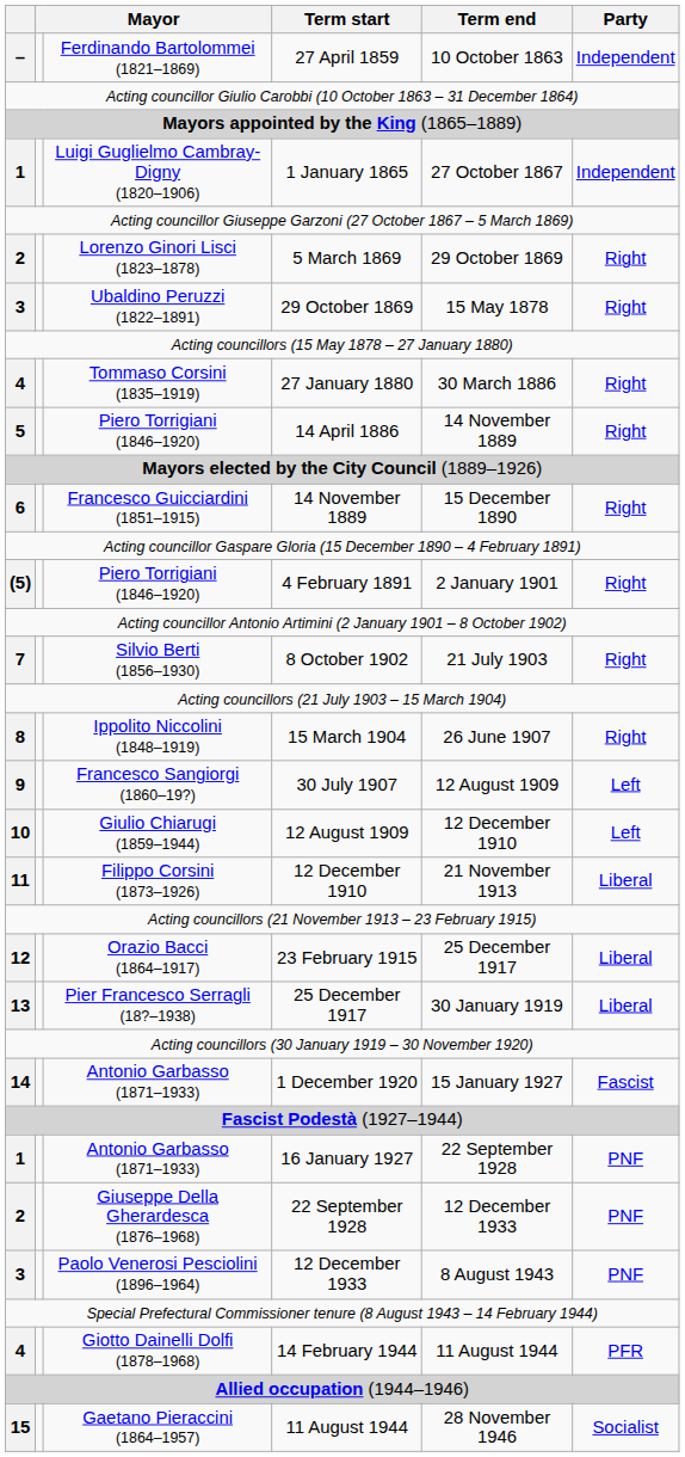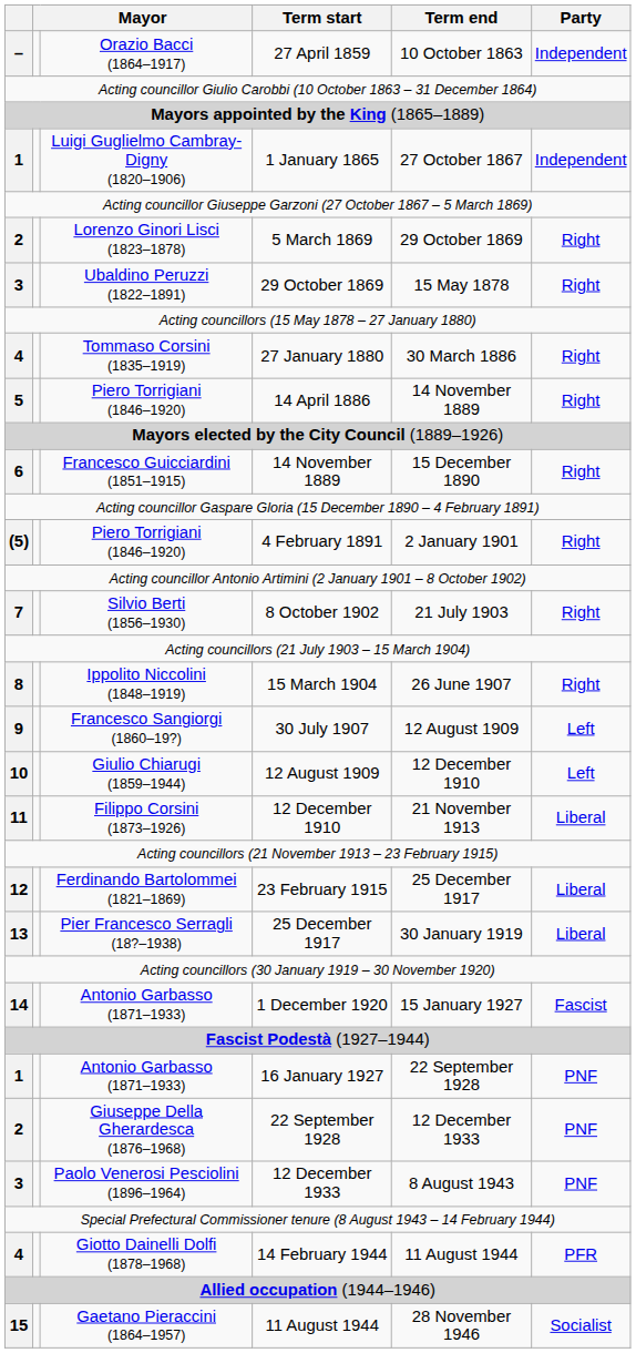 <table class="wikitable" style="text-align: center;">
 <tr>
 <th class=unsortable> </th>
 <th colspan=2>Mayor</th>
 <th>Term start</th>
 <th>Term end</th>
 <th>Party</th>
 </tr>
 <tr>
 <th rowspan=1 style="background:">–</th>
 <td></td>
-<td><a href='#'>Ferdinando Bartolommei</a><br><small>(1821–1869)</small></td>
+<td><a href='#'>Orazio Bacci</a><br><small>(1864–1917)</small></td>
 <td align=center>27 April 1859</td>
 <td align=center>10 October 1863</td>
 <td><a href='#'>Independent</a></td>
 </tr>
 <tr>
 <td colspan="6"><small><em>Acting councillor Giulio Carobbi (10 October 1863 – 31 December 1864)</em></small></td>
 </tr>
 <tr>
 <td colspan="8" bgcolor="lightgrey" align=center><strong>Mayors appointed by the <a href='#'>King</a></strong> (1865–1889)</td>
 </tr>
 <tr>
 <th rowspan=1 style="background:">1</th>
 <td></td>
 <td><a href='#'>Luigi Guglielmo Cambray-Digny</a><br><small>(1820–1906)</small></td>
 <td align=center>1 January 1865</td>
 <td align=center>27 October 1867</td>
 <td><a href='#'>Independent</a></td>
 </tr>
 <tr>
 <td colspan="6"><small><em>Acting councillor Giuseppe Garzoni (27 October 1867 – 5 March 1869)</em></small></td>
 </tr>
 <tr>
 <th rowspan=1 style="background:">2</th>
 <td></td>
 <td><a href='#'>Lorenzo Ginori Lisci</a><br><small>(1823–1878)</small></td>
 <td align=center>5 March 1869</td>
 <td align=center>29 October 1869</td>
 <td><a href='#'>Right</a></td>
 </tr>
 <tr>
 <th rowspan=1 style="background:">3</th>
 <td></td>
 <td><a href='#'>Ubaldino Peruzzi</a><br><small>(1822–1891)</small></td>
 <td align=center>29 October 1869</td>
 <td align=center>15 May 1878</td>
 <td><a href='#'>Right</a></td>
 </tr>
 <tr>
 <td colspan="6"><small><em>Acting councillors (15 May 1878 – 27 January 1880)</em></small></td>
 </tr>
 <tr>
 <th rowspan=1 style="background:">4</th>
 <td></td>
 <td><a href='#'>Tommaso Corsini</a><br><small>(1835–1919)</small></td>
 <td align=center>27 January 1880</td>
 <td align=center>30 March 1886</td>
 <td><a href='#'>Right</a></td>
 </tr>
 <tr>
 <th rowspan=1 style="background:">5</th>
 <td></td>
 <td><a href='#'>Piero Torrigiani</a><br><small>(1846–1920)</small></td>
 <td align=center>14 April 1886</td>
 <td align=center>14 November 1889</td>
 <td><a href='#'>Right</a></td>
 </tr>
 <tr>
 <td colspan="8" bgcolor="lightgrey" align=center><strong>Mayors elected by the City Council</strong> (1889–1926)</td>
 </tr>
 <tr>
 <th rowspan=1 style="background:">6</th>
 <td></td>
 <td><a href='#'>Francesco Guicciardini</a><br><small>(1851–1915)</small></td>
 <td align=center>14 November 1889</td>
 <td align=center>15 December 1890</td>
 <td><a href='#'>Right</a></td>
 </tr>
 <tr>
 <td colspan="6"><small><em>Acting councillor Gaspare Gloria (15 December 1890 – 4 February 1891)</em></small></td>
 </tr>
 <tr>
 <th rowspan=1 style="background:">(5)</th>
 <td></td>
 <td><a href='#'>Piero Torrigiani</a><br><small>(1846–1920)</small></td>
 <td align=center>4 February 1891</td>
 <td align=center>2 January 1901</td>
 <td><a href='#'>Right</a></td>
 </tr>
 <tr>
 <td colspan="6"><small><em>Acting councillor Antonio Artimini (2 January 1901 – 8 October 1902)</em></small></td>
 </tr>
 <tr>
 <th rowspan=1 style="background:">7</th>
 <td></td>
 <td><a href='#'>Silvio Berti</a><br><small>(1856–1930)</small></td>
 <td align=center>8 October 1902</td>
 <td align=center>21 July 1903</td>
 <td><a href='#'>Right</a></td>
 </tr>
 <tr>
 <td colspan="6"><small><em>Acting councillors (21 July 1903 – 15 March 1904)</em></small></td>
 </tr>
 <tr>
 <th rowspan=1 style="background:">8</th>
 <td></td>
 <td><a href='#'>Ippolito Niccolini</a><br><small>(1848–1919)</small></td>
 <td align=center>15 March 1904</td>
 <td align=center>26 June 1907</td>
 <td><a href='#'>Right</a></td>
 </tr>
 <tr>
 <th rowspan=1 style="background:">9</th>
 <td></td>
 <td><a href='#'>Francesco Sangiorgi</a><br><small>(1860–19?)</small></td>
 <td align=center>30 July 1907</td>
 <td align=center>12 August 1909</td>
 <td><a href='#'>Left</a></td>
 </tr>
 <tr>
 <th rowspan=1 style="background:">10</th>
 <td></td>
 <td><a href='#'>Giulio Chiarugi</a><br><small>(1859–1944)</small></td>
 <td align=center>12 August 1909</td>
 <td align=center>12 December 1910</td>
 <td><a href='#'>Left</a></td>
 </tr>
 <tr>
 <th rowspan=1 style="background:">11</th>
 <td></td>
 <td><a href='#'>Filippo Corsini</a><br><small>(1873–1926)</small></td>
 <td align=center>12 December 1910</td>
 <td align=center>21 November 1913</td>
 <td><a href='#'>Liberal</a></td>
 </tr>
 <tr>
 <td colspan="6"><small><em>Acting councillors (21 November 1913 – 23 February 1915)</em></small></td>
 </tr>
 <tr>
 <th rowspan=1 style="background:">12</th>
 <td></td>
-<td><a href='#'>Orazio Bacci</a><br><small>(1864–1917)</small></td>
+<td><a href='#'>Ferdinando Bartolommei</a><br><small>(1821–1869)</small></td>
 <td align=center>23 February 1915</td>
 <td align=center>25 December 1917</td>
 <td><a href='#'>Liberal</a></td>
 </tr>
 <tr>
 <th rowspan=1 style="background:">13</th>
 <td></td>
 <td><a href='#'>Pier Francesco Serragli</a><br><small>(18?–1938)</small></td>
 <td align=center>25 December 1917</td>
 <td align=center>30 January 1919</td>
 <td><a href='#'>Liberal</a></td>
 </tr>
 <tr>
 <td colspan="6"><small><em>Acting councillors (30 January 1919 – 30 November 1920)</em></small></td>
 </tr>
 <tr>
 <th rowspan=1 style="background:">14</th>
 <td></td>
 <td><a href='#'>Antonio Garbasso</a><br><small>(1871–1933)</small></td>
 <td align=center>1 December 1920</td>
 <td align=center>15 January 1927</td>
 <td><a href='#'>Fascist</a></td>
 </tr>
 <tr>
 <td colspan="9" bgcolor="lightgrey" align=center><strong><a href='#'>Fascist Podestà</a></strong> (1927–1944)</td>
 </tr>
 <tr>
 <th rowspan=1 style="background:">1</th>
 <td></td>
 <td><a href='#'>Antonio Garbasso</a><br><small>(1871–1933)</small></td>
 <td align=center>16 January 1927</td>
 <td align=center>22 September 1928</td>
 <td><a href='#'>PNF</a></td>
 </tr>
 <tr>
 <th rowspan=1 style="background:">2</th>
 <td></td>
 <td><a href='#'>Giuseppe Della Gherardesca</a><br><small>(1876–1968)</small></td>
 <td align=center>22 September 1928</td>
 <td align=center>12 December 1933</td>
 <td><a href='#'>PNF</a></td>
 </tr>
 <tr>
 <th rowspan=1 style="background:">3</th>
 <td></td>
 <td><a href='#'>Paolo Venerosi Pesciolini</a><br><small>(1896–1964)</small></td>
 <td align=center>12 December 1933</td>
 <td align=center>8 August 1943</td>
 <td><a href='#'>PNF</a></td>
 </tr>
 <tr>
 <td colspan="6"><small><em>Special Prefectural Commissioner tenure (8 August 1943 – 14 February 1944)</em></small></td>
 </tr>
 <tr>
 <th rowspan=1 style="background:">4</th>
 <td></td>
 <td><a href='#'>Giotto Dainelli Dolfi</a><br><small>(1878–1968)</small></td>
 <td align=center>14 February 1944</td>
 <td align=center>11 August 1944</td>
 <td><a href='#'>PFR</a></td>
 </tr>
 <tr>
 <td colspan="9" bgcolor="lightgrey" align=center><strong><a href='#'>Allied occupation</a></strong> (1944–1946)</td>
 </tr>
 <tr>
 <th rowspan=1 style="background:">15</th>
 <td></td>
 <td><a href='#'>Gaetano Pieraccini</a><br><small>(1864–1957)</small></td>
 <td align=center>11 August 1944</td>
 <td align=center>28 November 1946</td>
 <td><a href='#'>Socialist</a></td>
 </tr>
 </table>
